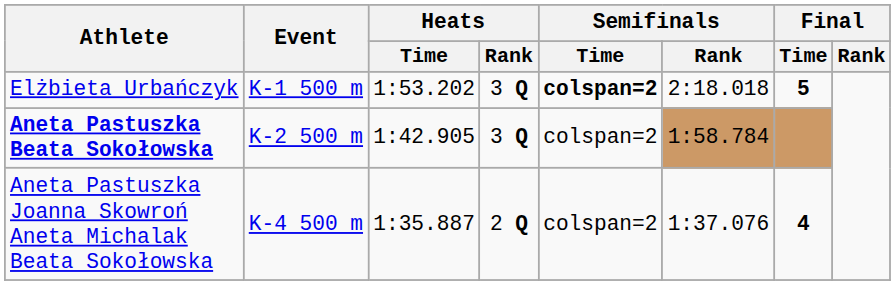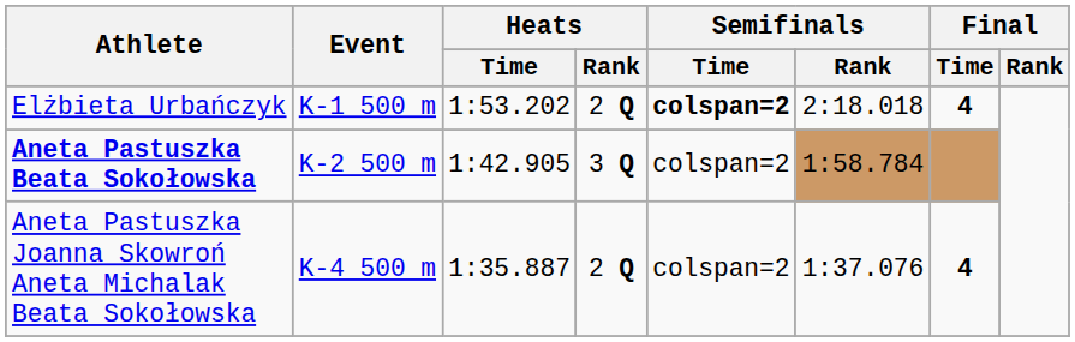 <table class="wikitable" style="font-size:90%">
 <tr>
 <th rowspan=2>Athlete</th>
 <th rowspan=2>Event</th>
 <th colspan=2>Heats</th>
 <th colspan=2>Semifinals</th>
 <th colspan=2>Final</th>
 </tr>
 <tr style="font-size:95%">
 <th>Time</th>
 <th>Rank</th>
 <th>Time</th>
 <th>Rank</th>
 <th>Time</th>
 <th>Rank</th>
 </tr>
 <tr align=center>
 <td align=left><a href='#'>Elżbieta Urbańczyk</a></td>
 <td align=left><a href='#'>K-1 500 m</a></td>
 <td>1:53.202</td>
-<td>3 <strong>Q</strong></td>
+<td>2 <strong>Q</strong></td>
 <td><strong>colspan=2 </strong></td>
 <td>2:18.018</td>
-<td><strong>5</strong></td>
+<td><strong>4</strong></td>
 </tr>
 <tr align=center>
 <td align=left><strong><a href='#'>Aneta Pastuszka</a><br><a href='#'>Beata Sokołowska</a></strong></td>
 <td align=left><a href='#'>K-2 500 m</a></td>
 <td>1:42.905</td>
 <td>3 <strong>Q</strong></td>
 <td>colspan=2 </td>
 <td align="center" bgcolor='cc9966'>1:58.784</td>
 <td align="center" bgcolor='cc9966'></td>
 </tr>
 <tr align=center>
 <td align=left><a href='#'>Aneta Pastuszka</a><br> <a href='#'>Joanna Skowroń</a><br><a href='#'>Aneta Michalak</a><br><a href='#'>Beata Sokołowska</a></td>
 <td align=left><a href='#'>K-4 500 m</a></td>
 <td>1:35.887</td>
 <td>2 <strong>Q</strong></td>
 <td>colspan=2 </td>
 <td>1:37.076</td>
 <td><strong>4</strong></td>
 </tr>
 </table>
